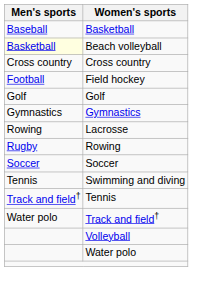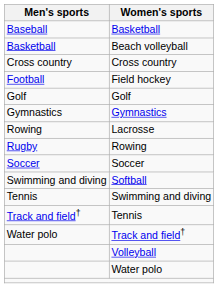 <table class="wikitable" style=" ">
 <tr>
 <th>Men's sports</th>
 <th>Women's sports</th>
 </tr>
 <tr>
 <td><a href='#'>Baseball</a></td>
 <td><a href='#'>Basketball</a></td>
 </tr>
 <tr>
-<td style="background: lightyellow;"><a href='#'>Basketball</a></td>
+<td><a href='#'>Basketball</a></td>
 <td>Beach volleyball</td>
 </tr>
 <tr>
 <td>Cross country</td>
 <td>Cross country</td>
 </tr>
 <tr>
 <td><a href='#'>Football</a></td>
 <td>Field hockey</td>
 </tr>
 <tr>
 <td>Golf</td>
 <td>Golf</td>
 </tr>
 <tr>
 <td>Gymnastics</td>
 <td><a href='#'>Gymnastics</a></td>
 </tr>
 <tr>
 <td>Rowing</td>
 <td>Lacrosse</td>
 </tr>
 <tr>
 <td><a href='#'>Rugby</a></td>
 <td>Rowing</td>
 </tr>
 <tr>
 <td><a href='#'>Soccer</a></td>
 <td>Soccer</td>
 </tr>
 <tr>
+<td>Swimming and diving</td>
+<td><a href='#'>Softball</a></td>
+</tr>
+<tr>
 <td>Tennis</td>
 <td>Swimming and diving</td>
 </tr>
 <tr>
 <td><a href='#'>Track and field</a><sup>†</sup></td>
 <td>Tennis</td>
 </tr>
 <tr>
 <td>Water polo</td>
 <td><a href='#'>Track and field</a><sup>†</sup></td>
 </tr>
 <tr>
 <td></td>
 <td><a href='#'>Volleyball</a></td>
 </tr>
 <tr>
 <td></td>
 <td>Water polo</td>
 </tr>
 <tr>
 <td colspan="2"></td>
 </tr>
 </table>
